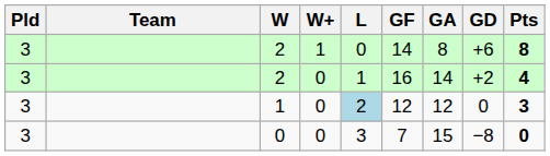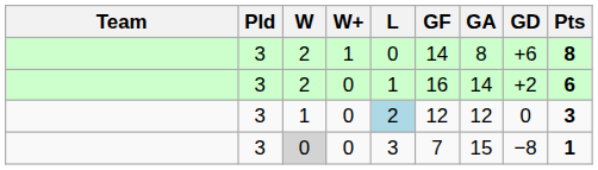 <table class="wikitable" style="text-align: center; font-size:90% ">
 <tr>
+<th width=160>Team</th>
 <th width=25>Pld</th>
-<th width=160>Team</th>
 <th width=25>W</th>
 <th width=25>W+</th>
 <th width=25>L</th>
 <th width=25>GF</th>
 <th width=25>GA</th>
 <th width=25>GD</th>
 <th width=25>Pts</th>
 </tr>
 <tr bgcolor=ccffcc>
+<td align=left></td>
 <td>3</td>
-<td align=left></td>
 <td>2</td>
 <td>1</td>
 <td>0</td>
 <td>14</td>
 <td>8</td>
 <td>+6</td>
 <td><strong>8</strong></td>
 </tr>
 <tr bgcolor=ccffcc>
+<td align=left></td>
 <td>3</td>
-<td align=left></td>
 <td>2</td>
 <td>0</td>
 <td>1</td>
 <td>16</td>
 <td>14</td>
 <td>+2</td>
-<td><strong>4</strong></td>
+<td><strong>6</strong></td>
 </tr>
 <tr>
+<td align=left></td>
 <td>3</td>
-<td align=left></td>
 <td>1</td>
 <td>0</td>
 <td style="background: lightblue;">2</td>
 <td>12</td>
 <td>12</td>
 <td>0</td>
 <td><strong>3</strong></td>
 </tr>
 <tr>
+<td align=left></td>
 <td>3</td>
-<td align=left></td>
-<td>0</td>
+<td style="background: lightgrey;">0</td>
 <td>0</td>
 <td>3</td>
 <td>7</td>
 <td>15</td>
 <td>−8</td>
-<td><strong>0</strong></td>
+<td><strong>1</strong></td>
 </tr>
 </table>
